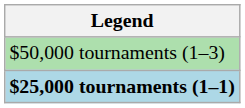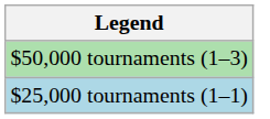 <table class="wikitable" style="font-size:85%">
 <tr>
 <th>Legend</th>
 </tr>
 <tr style="background:#addfad;">
 <td>$50,000 tournaments (1–3)</td>
 </tr>
 <tr style="background:lightblue;">
-<td><strong>$25,000 tournaments (1–1)</strong></td>
+<td>$25,000 tournaments (1–1)</td>
 </tr>
 </table>
